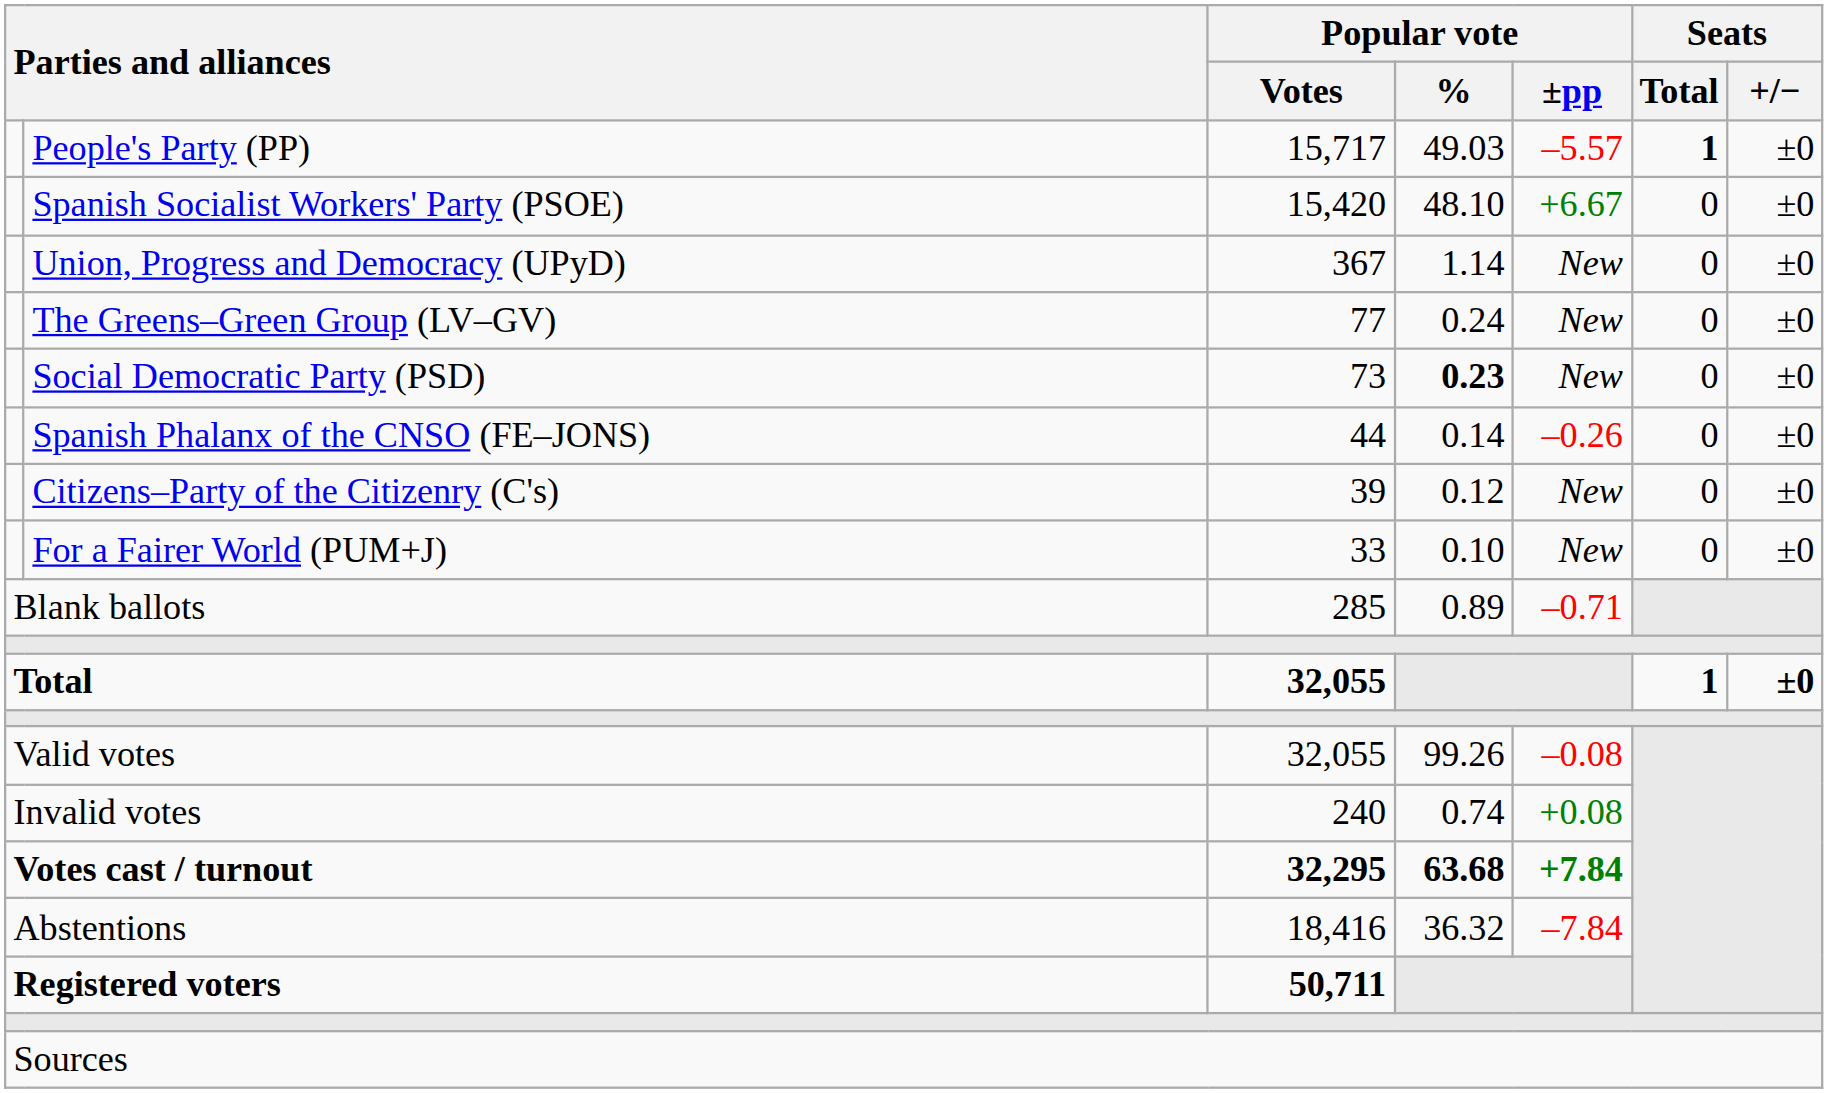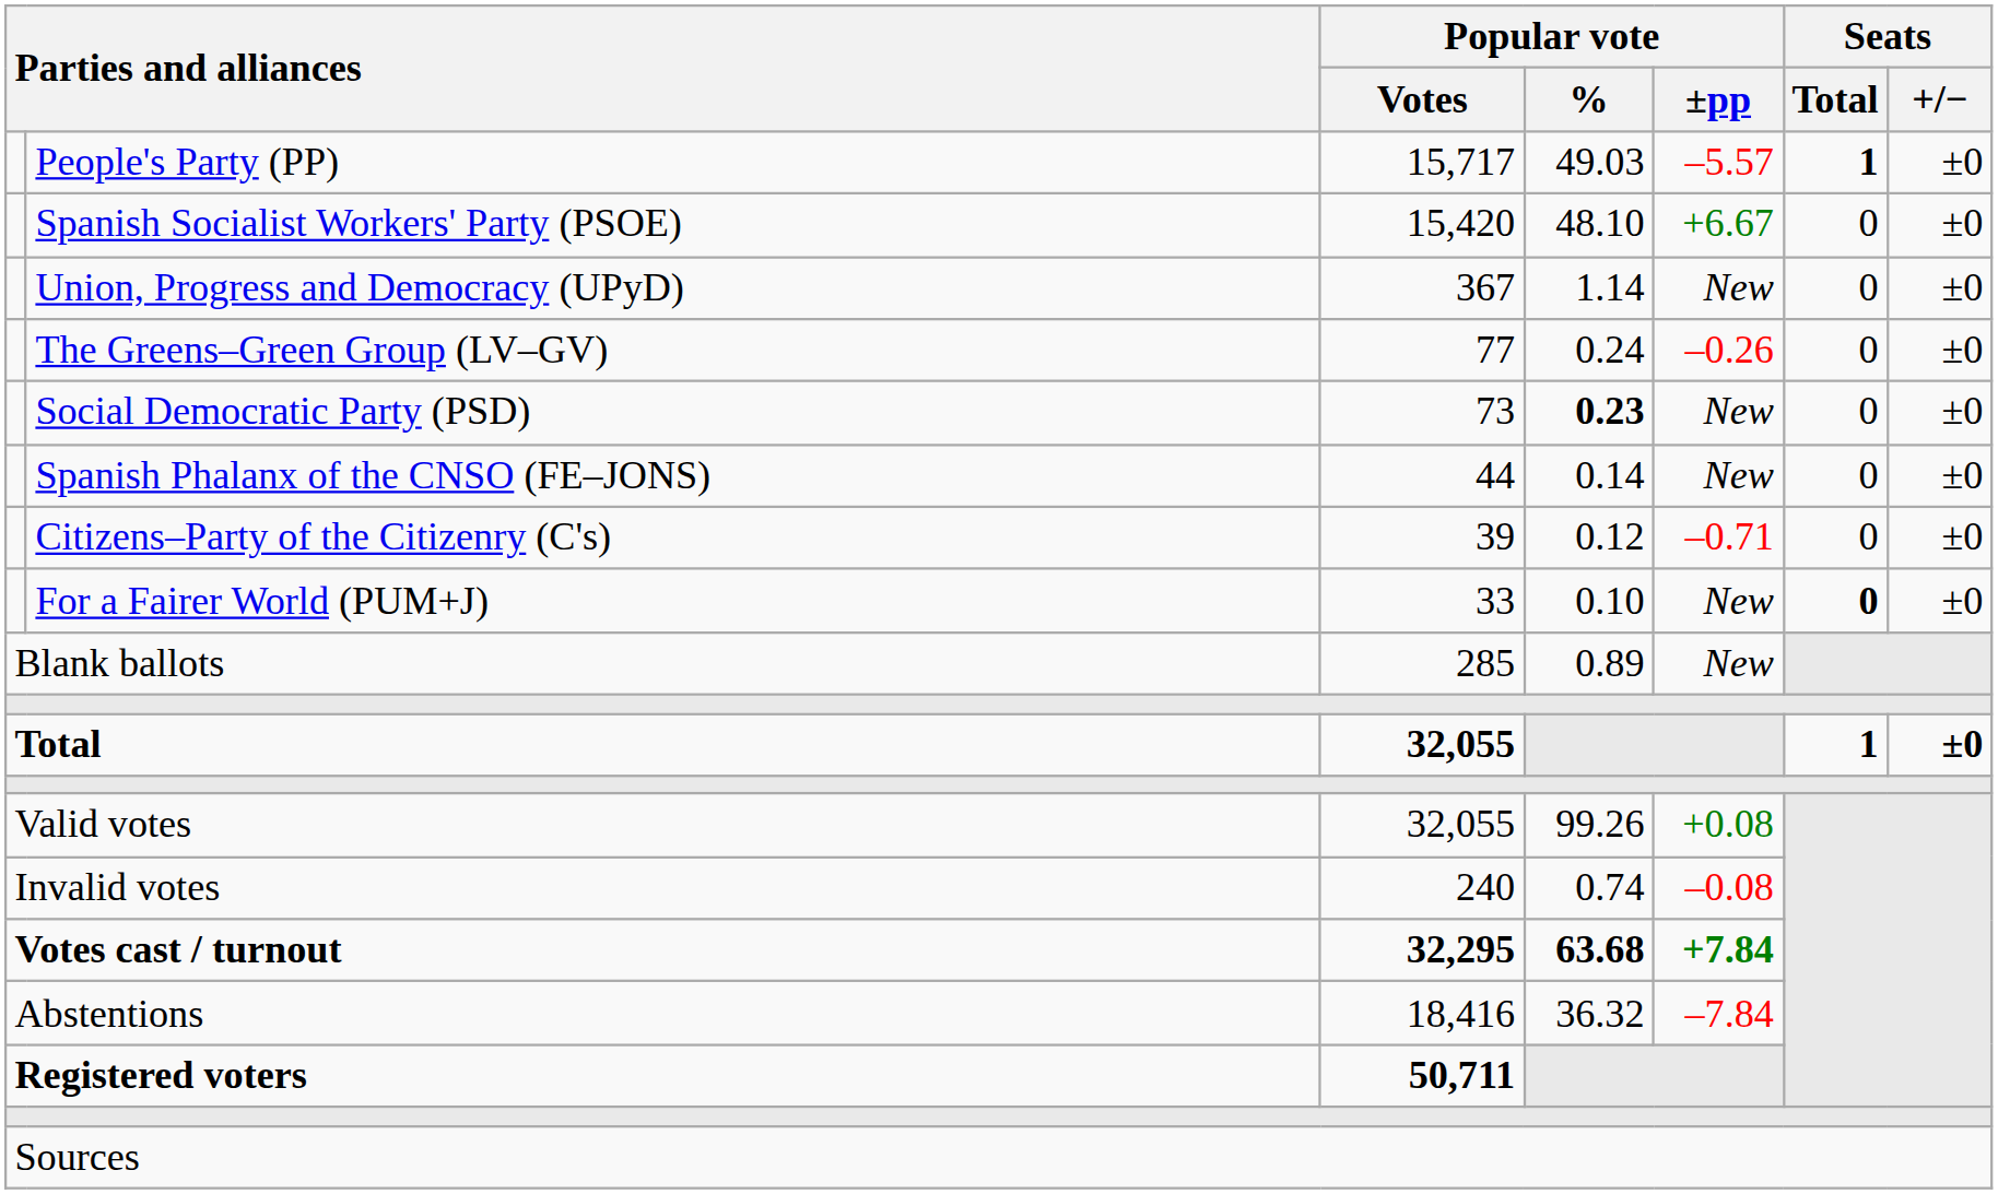 <table class="wikitable" style="text-align:right;">
 <tr>
 <th style="text-align:left;" rowspan="2" colspan="2" width="525">Parties and alliances</th>
 <th colspan="3">Popular vote</th>
 <th colspan="2">Seats</th>
 </tr>
 <tr>
 <th width="75">Votes</th>
 <th width="45">%</th>
 <th width="45">±<a href='#'>pp</a></th>
 <th width="35">Total</th>
 <th width="35">+/−</th>
 </tr>
 <tr>
 <td width="1" style="color:inherit;background:"></td>
 <td align="left"><a href='#'>People's Party</a> (PP)</td>
 <td>15,717</td>
 <td>49.03</td>
 <td style="color:red;">–5.57</td>
 <td><strong>1</strong></td>
 <td>±0</td>
 </tr>
 <tr>
 <td style="color:inherit;background:"></td>
 <td align="left"><a href='#'>Spanish Socialist Workers' Party</a> (PSOE)</td>
 <td>15,420</td>
 <td>48.10</td>
 <td style="color:green;">+6.67</td>
 <td>0</td>
 <td>±0</td>
 </tr>
 <tr>
 <td style="color:inherit;background:"></td>
 <td align="left"><a href='#'>Union, Progress and Democracy</a> (UPyD)</td>
 <td>367</td>
 <td>1.14</td>
 <td><em>New</em></td>
 <td>0</td>
 <td>±0</td>
 </tr>
 <tr>
 <td style="color:inherit;background:"></td>
 <td align="left"><a href='#'>The Greens–Green Group</a> (LV–GV)</td>
 <td>77</td>
 <td>0.24</td>
-<td><em>New</em></td>
+<td style="color:red;">–0.26</td>
 <td>0</td>
 <td>±0</td>
 </tr>
 <tr>
 <td style="color:inherit;background:"></td>
 <td align="left"><a href='#'>Social Democratic Party</a> (PSD)</td>
 <td>73</td>
 <td><strong>0.23</strong></td>
 <td><em>New</em></td>
 <td>0</td>
 <td>±0</td>
 </tr>
 <tr>
 <td style="color:inherit;background:"></td>
 <td align="left"><a href='#'>Spanish Phalanx of the CNSO</a> (FE–JONS)</td>
 <td>44</td>
 <td>0.14</td>
-<td style="color:red;">–0.26</td>
+<td><em>New</em></td>
 <td>0</td>
 <td>±0</td>
 </tr>
 <tr>
 <td style="color:inherit;background:"></td>
 <td align="left"><a href='#'>Citizens–Party of the Citizenry</a> (C's)</td>
 <td>39</td>
 <td>0.12</td>
-<td><em>New</em></td>
+<td style="color:red;">–0.71</td>
 <td>0</td>
 <td>±0</td>
 </tr>
 <tr>
 <td style="color:inherit;background:"></td>
 <td align="left"><a href='#'>For a Fairer World</a> (PUM+J)</td>
 <td>33</td>
 <td>0.10</td>
 <td><em>New</em></td>
-<td>0</td>
+<td><strong>0</strong></td>
 <td>±0</td>
 </tr>
 <tr>
 <td align="left" colspan="2">Blank ballots</td>
 <td>285</td>
 <td>0.89</td>
-<td style="color:red;">–0.71</td>
+<td><em>New</em></td>
 <td bgcolor="#E9E9E9" colspan="2"></td>
 </tr>
 <tr>
 <td colspan="7" bgcolor="#E9E9E9"></td>
 </tr>
 <tr style="font-weight:bold;">
 <td align="left" colspan="2">Total</td>
 <td>32,055</td>
 <td bgcolor="#E9E9E9" colspan="2"></td>
 <td>1</td>
 <td>±0</td>
 </tr>
 <tr>
 <td colspan="7" bgcolor="#E9E9E9"></td>
 </tr>
 <tr>
 <td align="left" colspan="2">Valid votes</td>
 <td>32,055</td>
 <td>99.26</td>
-<td style="color:red;">–0.08</td>
+<td style="color:green;">+0.08</td>
 <td bgcolor="#E9E9E9" colspan="2" rowspan="5"></td>
 </tr>
 <tr>
 <td align="left" colspan="2">Invalid votes</td>
 <td>240</td>
 <td>0.74</td>
-<td style="color:green;">+0.08</td>
+<td style="color:red;">–0.08</td>
 </tr>
 <tr style="font-weight:bold;">
 <td align="left" colspan="2">Votes cast / turnout</td>
 <td>32,295</td>
 <td>63.68</td>
 <td style="color:green;">+7.84</td>
 </tr>
 <tr>
 <td align="left" colspan="2">Abstentions</td>
 <td>18,416</td>
 <td>36.32</td>
 <td style="color:red;">–7.84</td>
 </tr>
 <tr style="font-weight:bold;">
 <td align="left" colspan="2">Registered voters</td>
 <td>50,711</td>
 <td bgcolor="#E9E9E9" colspan="2"></td>
 </tr>
 <tr>
 <td colspan="7" bgcolor="#E9E9E9"></td>
 </tr>
 <tr>
 <td align="left" colspan="7">Sources</td>
 </tr>
 </table>
